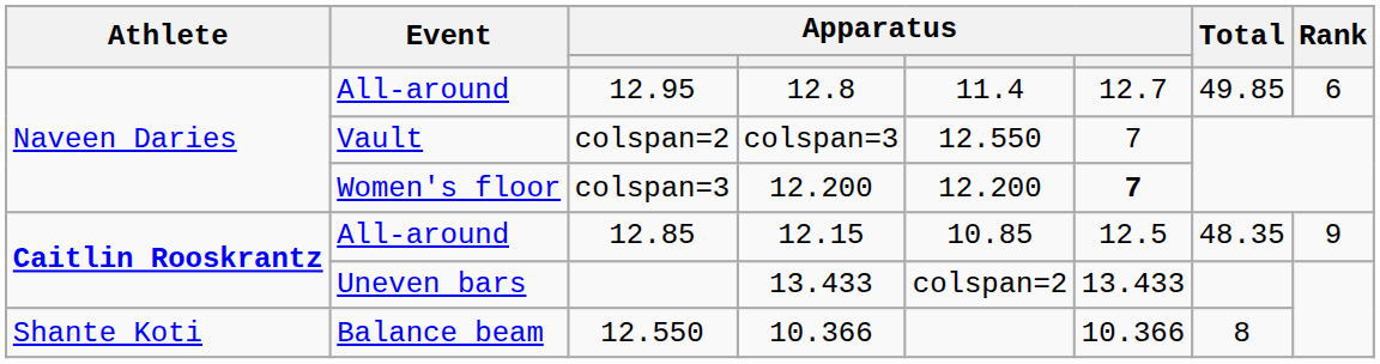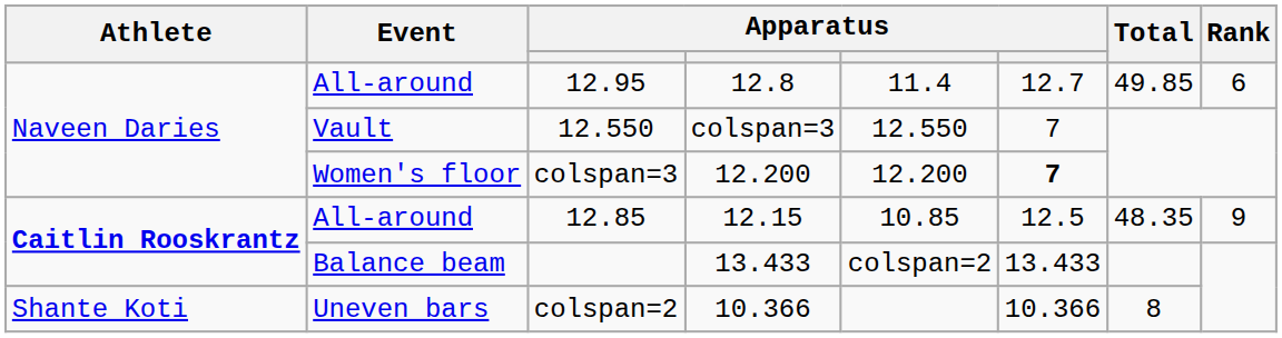 <table class=wikitable style=font-size:90%;text-align:center>
 <tr>
 <th rowspan=2>Athlete</th>
 <th rowspan=2>Event</th>
 <th colspan=4>Apparatus</th>
 <th rowspan=2>Total</th>
 <th rowspan=2>Rank</th>
 </tr>
 <tr style=font-size:95%>
 <th></th>
 <th></th>
 <th></th>
 <th></th>
 </tr>
 <tr>
 <td align=left rowspan=3><a href='#'>Naveen Daries</a></td>
 <td align=left><a href='#'>All-around</a></td>
 <td>12.95</td>
 <td>12.8</td>
 <td>11.4</td>
 <td>12.7</td>
 <td>49.85</td>
 <td>6</td>
 </tr>
 <tr>
 <td align=left><a href='#'>Vault</a></td>
-<td>colspan=2 </td>
+<td>12.550</td>
 <td>colspan=3 </td>
 <td>12.550</td>
 <td>7</td>
 </tr>
 <tr>
 <td align=left><a href='#'>Women's floor</a></td>
 <td>colspan=3 </td>
 <td>12.200</td>
 <td>12.200</td>
 <td><strong>7</strong></td>
 </tr>
 <tr>
 <td align=left rowspan=2><strong><a href='#'>Caitlin Rooskrantz</a></strong></td>
 <td align=left><a href='#'>All-around</a></td>
 <td>12.85</td>
 <td>12.15</td>
 <td>10.85</td>
 <td>12.5</td>
 <td>48.35</td>
 <td>9</td>
 </tr>
 <tr>
-<td align=left><a href='#'>Uneven bars</a></td>
+<td align=left><a href='#'>Balance beam</a></td>
 <td></td>
 <td>13.433</td>
 <td>colspan=2 </td>
 <td>13.433</td>
 <td></td>
 </tr>
 <tr>
 <td align=left><a href='#'>Shante Koti</a></td>
-<td align=left><a href='#'>Balance beam</a></td>
-<td>12.550</td>
+<td align=left><a href='#'>Uneven bars</a></td>
+<td>colspan=2 </td>
 <td>10.366</td>
 <td></td>
 <td>10.366</td>
 <td>8</td>
 </tr>
 </table>
